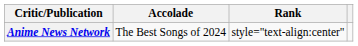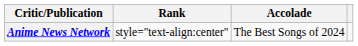 <table class="wikitable plainrowheaders">
 <tr>
 <th scope="col">Critic/Publication</th>
+<th scope="col">Rank</th>
 <th scope="col">Accolade</th>
-<th scope="col">Rank</th>
 <th scope="col" class="unsortable"></th>
 </tr>
 <tr>
 <th scope="row"><em><a href='#'>Anime News Network</a></em></th>
+<td>style="text-align:center" </td>
 <td>The Best Songs of 2024</td>
-<td>style="text-align:center" </td>
 <td style="text-align:center"></td>
 </tr>
 </table>
